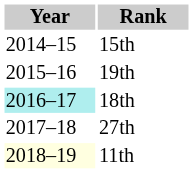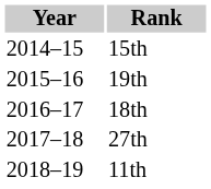 <table style="border:'1' 'solid' 'gray' " width="150">
 <tr>
 <th width="64" bgcolor="#CCCCCC">Year</th>
 <th width="64" bgcolor="#CCCCCC">Rank</th>
 </tr>
 <tr>
 <td width="64">2014–15</td>
 <td width="64">15th</td>
 </tr>
 <tr>
 <td width="64">2015–16</td>
 <td width="64">19th</td>
 </tr>
 <tr>
-<td width="64" style="background: paleturquoise;">2016–17</td>
+<td width="64">2016–17</td>
 <td width="64">18th</td>
 </tr>
 <tr>
 <td width="64">2017–18</td>
 <td width="64">27th</td>
 </tr>
 <tr>
-<td width="64" style="background: lightyellow;">2018–19</td>
+<td width="64">2018–19</td>
 <td width="64">11th</td>
 </tr>
 </table>
